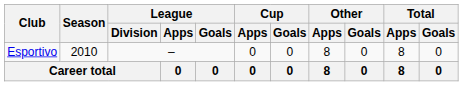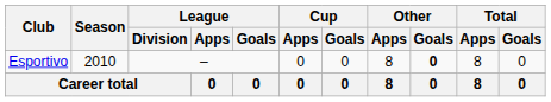 <table class="wikitable" style="text-align: center">
 <tr>
 <th rowspan="2">Club</th>
 <th rowspan="2">Season</th>
 <th colspan="3">League</th>
 <th colspan="2">Cup</th>
 <th colspan="2">Other</th>
 <th colspan="2">Total</th>
 </tr>
 <tr>
 <th>Division</th>
 <th>Apps</th>
 <th>Goals</th>
 <th>Apps</th>
 <th>Goals</th>
 <th>Apps</th>
 <th>Goals</th>
 <th>Apps</th>
 <th>Goals</th>
 </tr>
 <tr>
 <td><a href='#'>Esportivo</a></td>
 <td>2010</td>
 <td colspan="3">–</td>
 <td>0</td>
 <td>0</td>
 <td>8</td>
-<td>0</td>
+<td><strong>0</strong></td>
 <td>8</td>
 <td>0</td>
 </tr>
 <tr>
 <th colspan="3"><strong>Career total</strong></th>
 <th>0</th>
 <th>0</th>
 <th>0</th>
 <th>0</th>
 <th>8</th>
 <th>0</th>
 <th>8</th>
 <th>0</th>
 </tr>
 </table>
